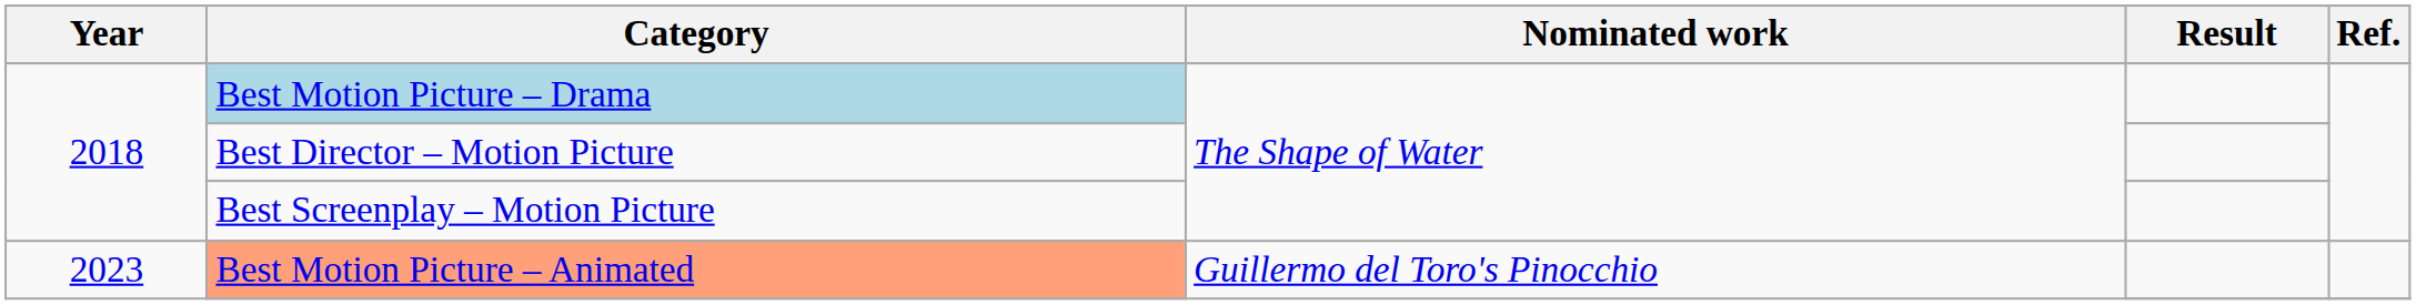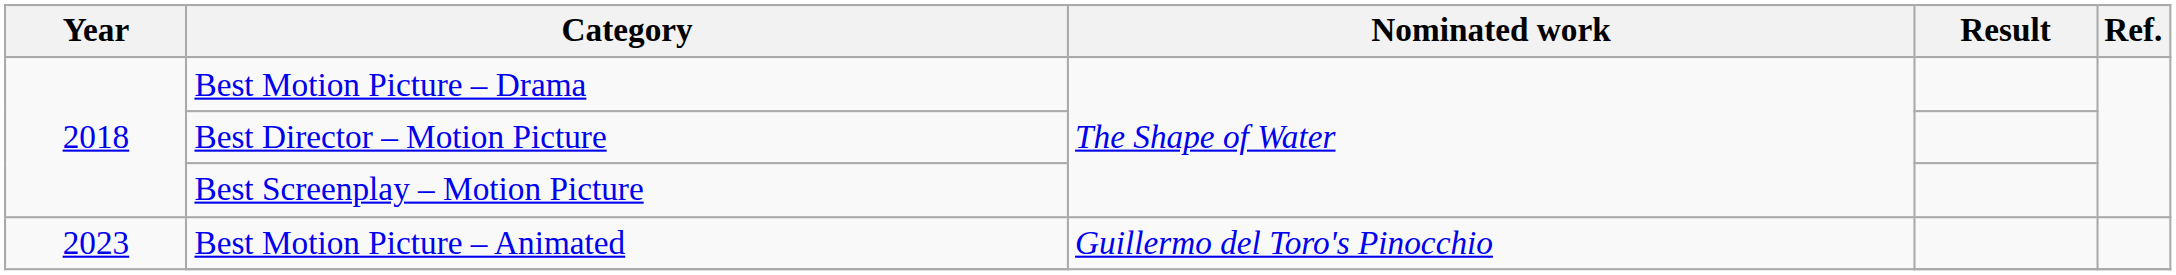 <table class=wikitable>
 <tr>
 <th scope="col" style="width:5em;">Year</th>
 <th scope="col" style="width:26em;">Category</th>
 <th scope="col" style="width:25em;">Nominated work</th>
 <th scope="col" style="width:5em;">Result</th>
 <th>Ref.</th>
 </tr>
 <tr>
 <td style="text-align:center;", rowspan="3"><a href='#'>2018</a></td>
-<td style="background: lightblue;"><a href='#'>Best Motion Picture – Drama</a></td>
+<td><a href='#'>Best Motion Picture – Drama</a></td>
 <td rowspan="3"><em><a href='#'>The Shape of Water</a></em></td>
 <td></td>
 <td style="text-align:center;", rowspan="3"></td>
 </tr>
 <tr>
 <td><a href='#'>Best Director – Motion Picture</a></td>
 <td></td>
 </tr>
 <tr>
 <td><a href='#'>Best Screenplay – Motion Picture</a></td>
 <td></td>
 </tr>
 <tr>
 <td style="text-align:center;", rowspan="3"><a href='#'>2023</a></td>
-<td style="background: lightsalmon;"><a href='#'>Best Motion Picture – Animated</a></td>
+<td><a href='#'>Best Motion Picture – Animated</a></td>
 <td rowspan="3"><em><a href='#'>Guillermo del Toro's Pinocchio</a></em></td>
 <td></td>
 <td style="text-align:center;"></td>
 </tr>
 <tr>
 </tr>
 </table>
